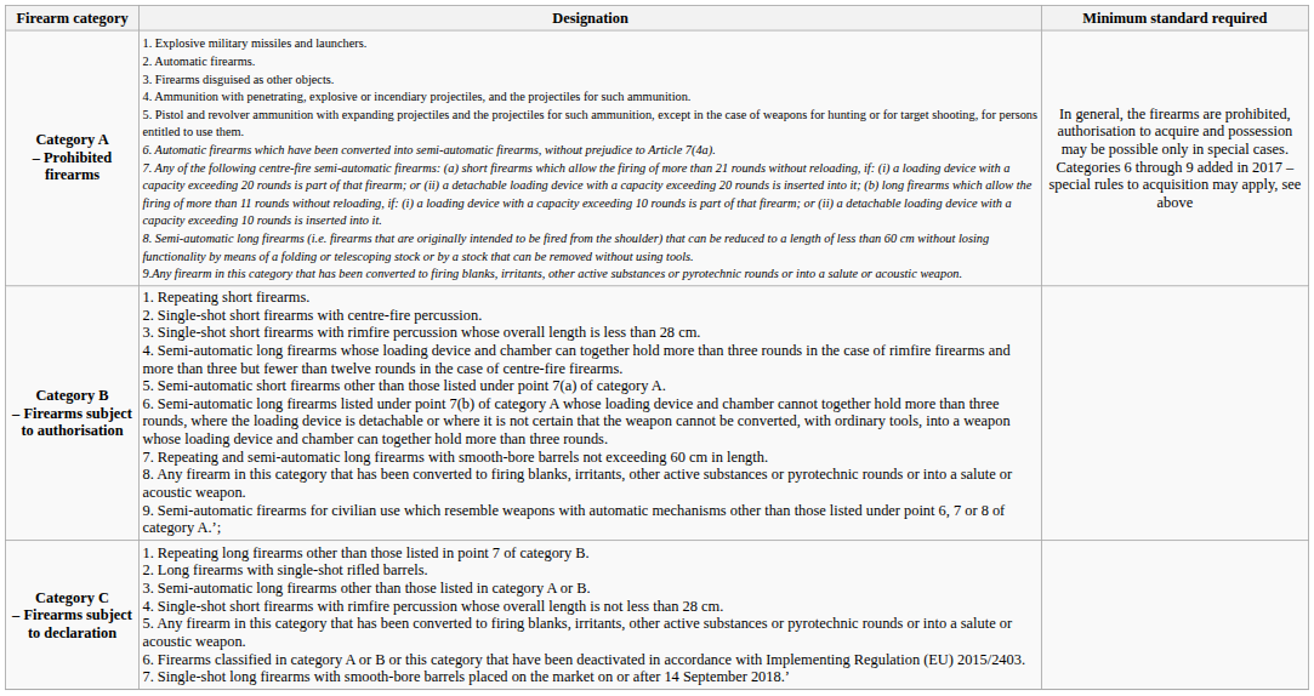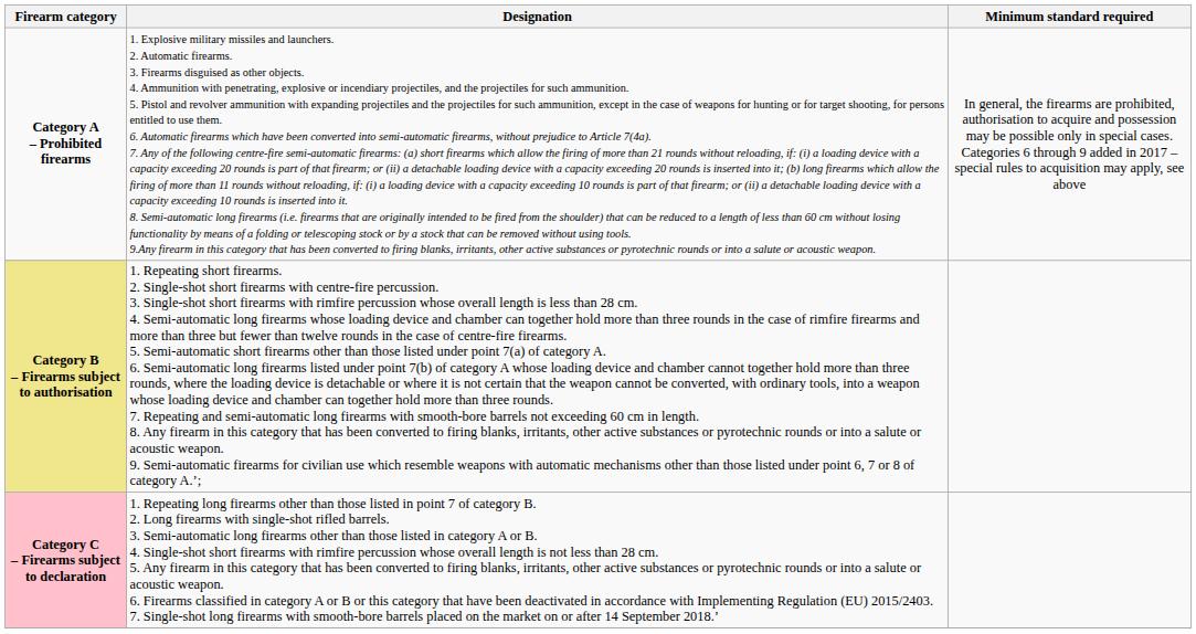 <table class="wikitable sortable" style="font-size:90%;">
 <tr>
 <th>Firearm category</th>
 <th>Designation</th>
 <th>Minimum standard required</th>
 </tr>
 <tr>
 <td align="center"><strong>Category A <br> – Prohibited firearms</strong></td>
 <td align="left"><small>1. Explosive military missiles and launchers.<br>2. Automatic firearms.<br>3. Firearms disguised as other objects.<br>4. Ammunition with penetrating, explosive or incendiary projectiles, and the projectiles for such ammunition.<br>5. Pistol and revolver ammunition with expanding projectiles and the projectiles for such ammunition, except in the case of weapons for hunting or for target shooting, for persons entitled to use them.<br><em>6. Automatic firearms which have been converted into semi-automatic firearms, without prejudice to Article 7(4a).<br>7. Any of the following centre-fire semi-automatic firearms: (a) short firearms which allow the firing of more than 21 rounds without reloading, if: (i) a loading device with a capacity exceeding 20 rounds is part of that firearm; or (ii) a detachable loading device with a capacity exceeding 20 rounds is inserted into it; (b) long firearms which allow the firing of more than 11 rounds without reloading, if: (i) a loading device with a capacity exceeding 10 rounds is part of that firearm; or (ii) a detachable loading device with a capacity exceeding 10 rounds is inserted into it.<br>8. Semi-automatic long firearms (i.e. firearms that are originally intended to be fired from the shoulder) that can be reduced to a length of less than 60 cm without losing functionality by means of a folding or telescoping stock or by a stock that can be removed without using tools.<br>9.Any firearm in this category that has been converted to firing blanks, irritants, other active substances or pyrotechnic rounds or into a salute or acoustic weapon.</em></small></td>
 <td align="center">In general, the firearms are prohibited, authorisation to acquire and possession may be possible only in special cases.<br>Categories 6 through 9 added in 2017 – special rules to acquisition may apply, see above</td>
 </tr>
 <tr>
-<td align="center"><strong>Category B <br> – Firearms subject to authorisation</strong></td>
+<td align="center" style="background: khaki;"><strong>Category B <br> – Firearms subject to authorisation</strong></td>
 <td align="left">1. Repeating short firearms.<br>2. Single-shot short firearms with centre-fire percussion.<br>3. Single-shot short firearms with rimfire percussion whose overall length is less than 28 cm.<br>4. Semi-automatic long firearms whose loading device and chamber can together hold more than three rounds in the case of rimfire firearms and more than three but fewer than twelve rounds in the case of centre-fire firearms.<br>5. Semi-automatic short firearms other than those listed under point 7(a) of category A.<br>6. Semi-automatic long firearms listed under point 7(b) of category A whose loading device and chamber cannot together hold more than three rounds, where the loading device is detachable or where it is not certain that the weapon cannot be converted, with ordinary tools, into a weapon whose loading device and chamber can together hold more than three rounds.<br>7. Repeating and semi-automatic long firearms with smooth-bore barrels not exceeding 60 cm in length.<br>8. Any firearm in this category that has been converted to firing blanks, irritants, other active substances or pyrotechnic rounds or into a salute or acoustic weapon.<br>9. Semi-automatic firearms for civilian use which resemble weapons with automatic mechanisms other than those listed under point 6, 7 or 8 of category A.’;</td>
 <td align="center"></td>
 </tr>
 <tr>
-<td align="center"><strong>Category C <br> – Firearms subject to declaration</strong></td>
+<td align="center" style="background: pink;"><strong>Category C <br> – Firearms subject to declaration</strong></td>
 <td align="left">1. Repeating long firearms other than those listed in point 7 of category B.<br>2. Long firearms with single-shot rifled barrels.<br>3. Semi-automatic long firearms other than those listed in category A or B.<br>4. Single-shot short firearms with rimfire percussion whose overall length is not less than 28 cm.<br>5. Any firearm in this category that has been converted to firing blanks, irritants, other active substances or pyrotechnic rounds or into a salute or acoustic weapon.<br>6. Firearms classified in category A or B or this category that have been deactivated in accordance with Implementing Regulation (EU) 2015/2403.<br>7. Single-shot long firearms with smooth-bore barrels placed on the market on or after 14 September 2018.’</td>
 <td align="center"></td>
 </tr>
 <tr>
 </tr>
 </table>
